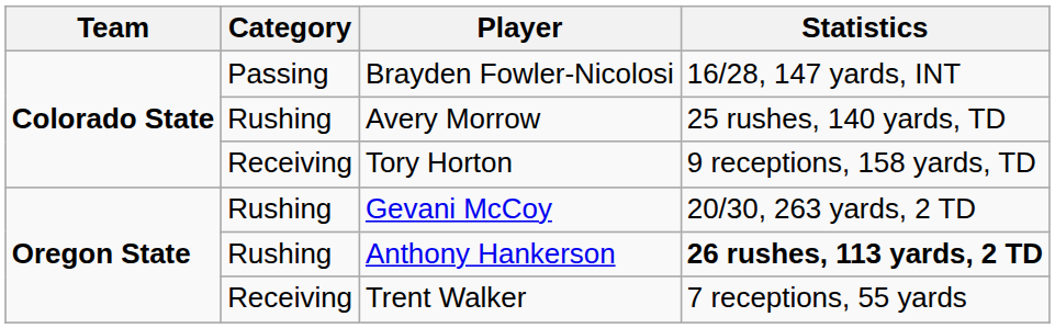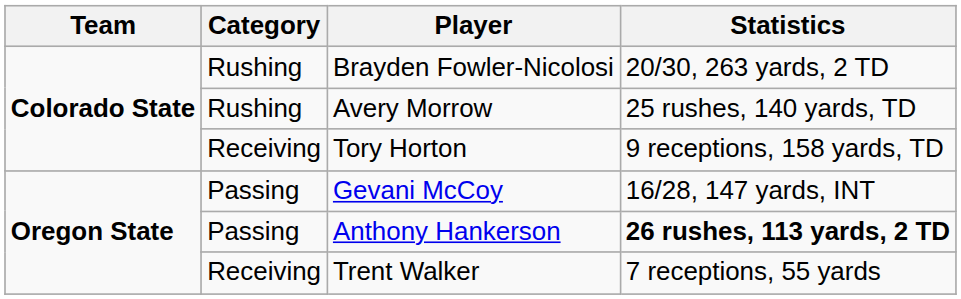 <table class="wikitable" style="float: right;">
 <tr>
 <th>Team</th>
 <th>Category</th>
 <th>Player</th>
 <th>Statistics</th>
 </tr>
 <tr>
 <td rowspan=3><strong>Colorado State</strong></td>
-<td>Passing</td>
+<td>Rushing</td>
 <td>Brayden Fowler-Nicolosi</td>
-<td>16/28, 147 yards, INT</td>
+<td>20/30, 263 yards, 2 TD</td>
 </tr>
 <tr>
 <td>Rushing</td>
 <td>Avery Morrow</td>
 <td>25 rushes, 140 yards, TD</td>
 </tr>
 <tr>
 <td>Receiving</td>
 <td>Tory Horton</td>
 <td>9 receptions, 158 yards, TD</td>
 </tr>
 <tr>
 <td rowspan=3><strong>Oregon State</strong></td>
-<td>Rushing</td>
+<td>Passing</td>
 <td><a href='#'>Gevani McCoy</a></td>
-<td>20/30, 263 yards, 2 TD</td>
+<td>16/28, 147 yards, INT</td>
 </tr>
 <tr>
-<td>Rushing</td>
+<td>Passing</td>
 <td><a href='#'>Anthony Hankerson</a></td>
 <td><strong>26 rushes, 113 yards, 2 TD</strong></td>
 </tr>
 <tr>
 <td>Receiving</td>
 <td>Trent Walker</td>
 <td>7 receptions, 55 yards</td>
 </tr>
 </table>
